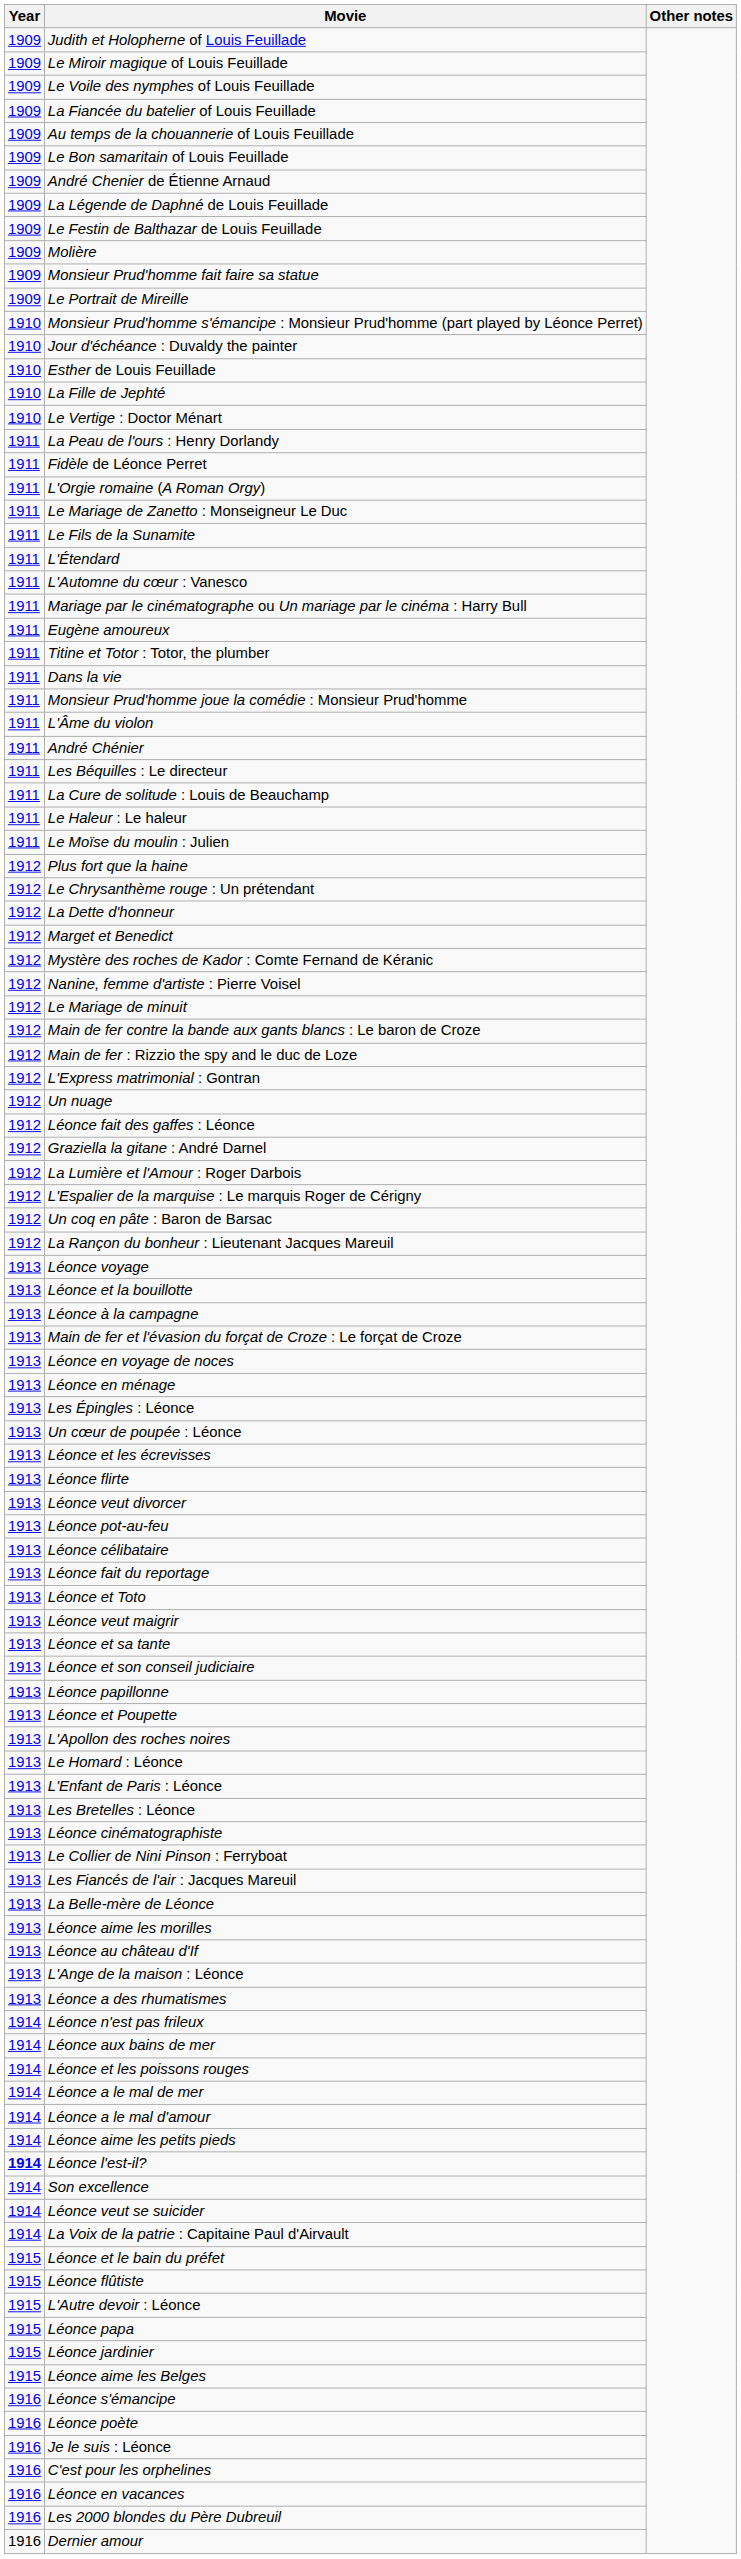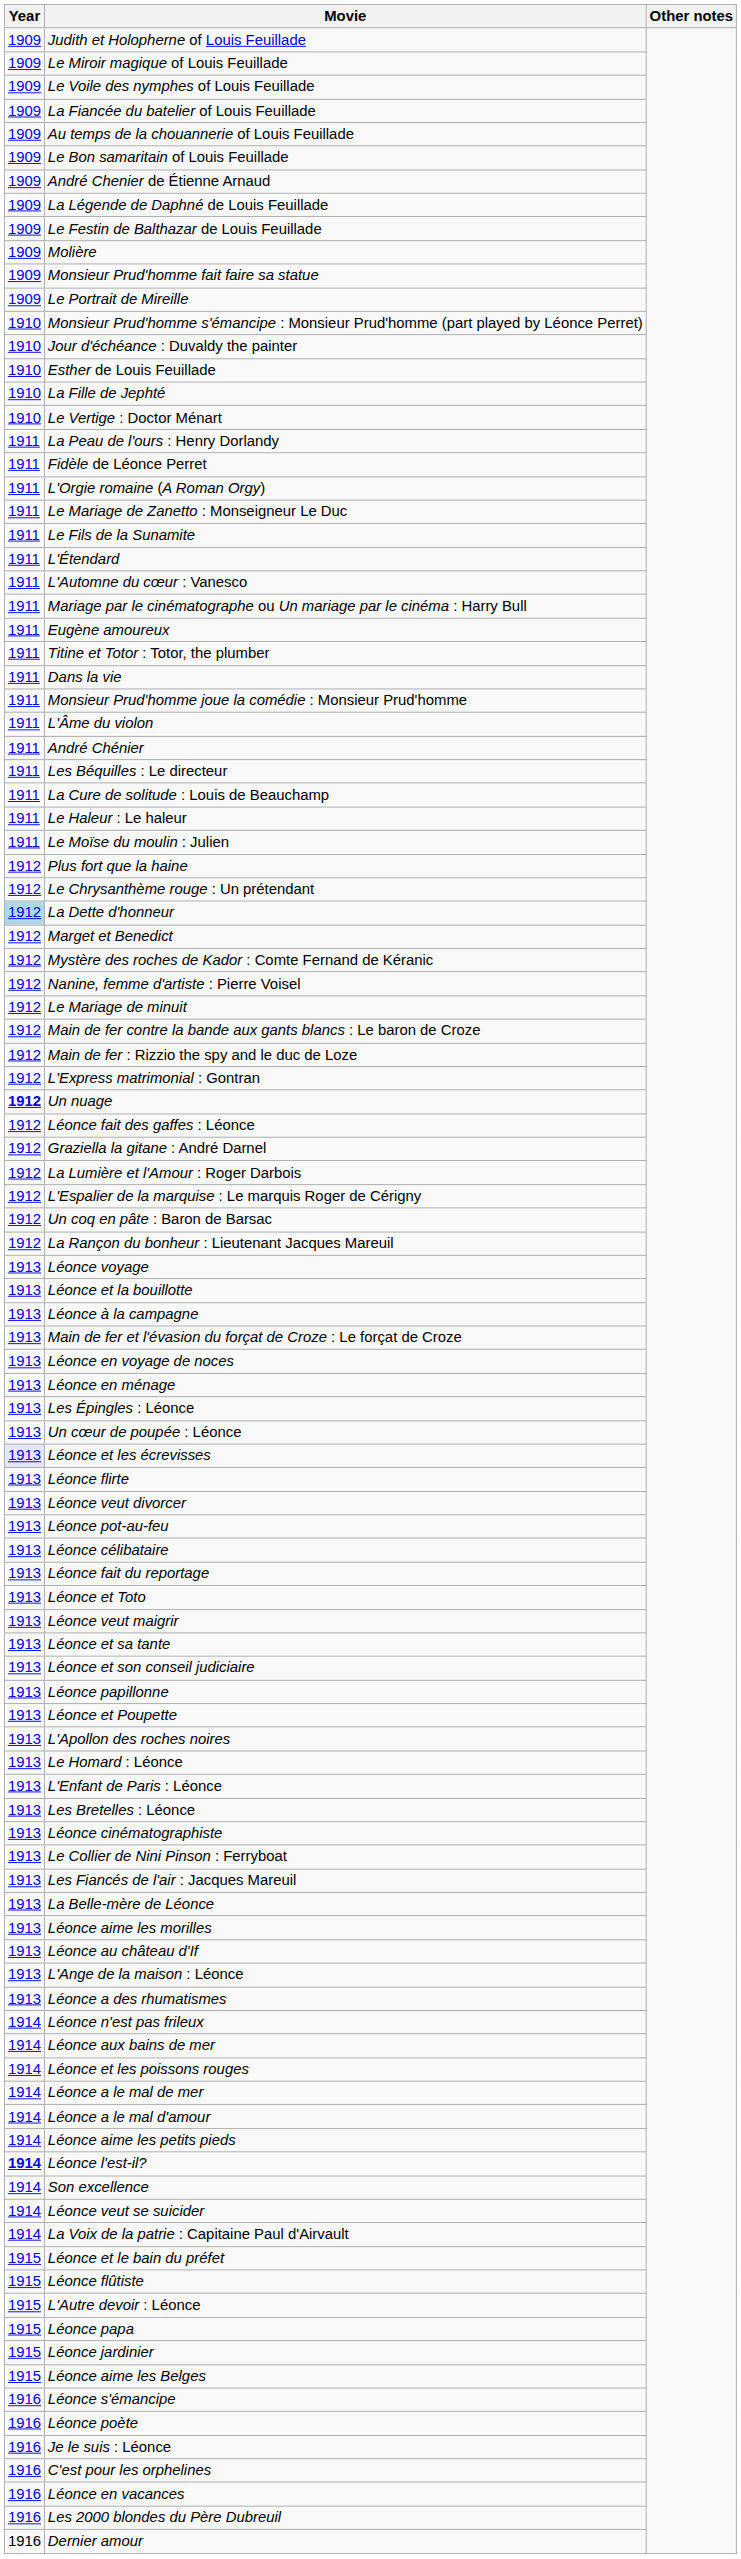 <table class="wikitable">
 <tr>
 <th>Year</th>
 <th>Movie</th>
 <th>Other notes</th>
 </tr>
 <tr>
 <td><a href='#'>1909</a></td>
 <td><em>Judith et Holopherne</em> of <a href='#'>Louis Feuillade</a></td>
 </tr>
 <tr>
 <td><a href='#'>1909</a></td>
 <td><em>Le Miroir magique</em> of Louis Feuillade</td>
 </tr>
 <tr>
 <td><a href='#'>1909</a></td>
 <td><em>Le Voile des nymphes</em> of Louis Feuillade</td>
 </tr>
 <tr>
 <td><a href='#'>1909</a></td>
 <td><em>La Fiancée du batelier</em> of Louis Feuillade</td>
 </tr>
 <tr>
 <td><a href='#'>1909</a></td>
 <td><em>Au temps de la chouannerie</em> of Louis Feuillade</td>
 </tr>
 <tr>
 <td><a href='#'>1909</a></td>
 <td><em>Le Bon samaritain</em> of Louis Feuillade</td>
 </tr>
 <tr>
 <td><a href='#'>1909</a></td>
 <td><em>André Chenier</em> de Étienne Arnaud</td>
 </tr>
 <tr>
 <td><a href='#'>1909</a></td>
 <td><em>La Légende de Daphné</em> de Louis Feuillade</td>
 </tr>
 <tr>
 <td><a href='#'>1909</a></td>
 <td><em>Le Festin de Balthazar</em> de Louis Feuillade</td>
 </tr>
 <tr>
 <td><a href='#'>1909</a></td>
 <td><em>Molière</em></td>
 </tr>
 <tr>
 <td><a href='#'>1909</a></td>
 <td><em>Monsieur Prud'homme fait faire sa statue</em></td>
 </tr>
 <tr>
 <td><a href='#'>1909</a></td>
 <td><em>Le Portrait de Mireille</em></td>
 </tr>
 <tr>
 <td><a href='#'>1910</a></td>
 <td><em>Monsieur Prud'homme s'émancipe</em> : Monsieur Prud'homme (part played by Léonce Perret)</td>
 </tr>
 <tr>
 <td><a href='#'>1910</a></td>
 <td><em>Jour d'échéance</em> : Duvaldy the painter</td>
 </tr>
 <tr>
 <td><a href='#'>1910</a></td>
 <td><em>Esther</em> de Louis Feuillade</td>
 </tr>
 <tr>
 <td><a href='#'>1910</a></td>
 <td><em>La Fille de Jephté</em></td>
 </tr>
 <tr>
 <td><a href='#'>1910</a></td>
 <td><em>Le Vertige</em> : Doctor Ménart</td>
 </tr>
 <tr>
 <td><a href='#'>1911</a></td>
 <td><em>La Peau de l'ours</em> : Henry Dorlandy</td>
 </tr>
 <tr>
 <td><a href='#'>1911</a></td>
 <td><em>Fidèle</em> de Léonce Perret</td>
 </tr>
 <tr>
 <td><a href='#'>1911</a></td>
 <td><em>L'Orgie romaine</em> (<em>A Roman Orgy</em>)</td>
 </tr>
 <tr>
 <td><a href='#'>1911</a></td>
 <td><em>Le Mariage de Zanetto</em> : Monseigneur Le Duc</td>
 </tr>
 <tr>
 <td><a href='#'>1911</a></td>
 <td><em>Le Fils de la Sunamite</em></td>
 </tr>
 <tr>
 <td><a href='#'>1911</a></td>
 <td><em>L'Étendard</em></td>
 </tr>
 <tr>
 <td><a href='#'>1911</a></td>
 <td><em>L'Automne du cœur</em> : Vanesco</td>
 </tr>
 <tr>
 <td><a href='#'>1911</a></td>
 <td><em>Mariage par le cinématographe</em> ou <em>Un mariage par le cinéma</em> : Harry Bull</td>
 </tr>
 <tr>
 <td><a href='#'>1911</a></td>
 <td><em>Eugène amoureux</em></td>
 </tr>
 <tr>
 <td><a href='#'>1911</a></td>
 <td><em>Titine et Totor</em> : Totor, the plumber</td>
 </tr>
 <tr>
 <td><a href='#'>1911</a></td>
 <td><em>Dans la vie</em></td>
 </tr>
 <tr>
 <td><a href='#'>1911</a></td>
 <td><em>Monsieur Prud'homme joue la comédie</em> : Monsieur Prud'homme</td>
 </tr>
 <tr>
 <td><a href='#'>1911</a></td>
 <td><em>L'Âme du violon</em></td>
 </tr>
 <tr>
 <td><a href='#'>1911</a></td>
 <td><em>André Chénier</em></td>
 </tr>
 <tr>
 <td><a href='#'>1911</a></td>
 <td><em>Les Béquilles</em> : Le directeur</td>
 </tr>
 <tr>
 <td><a href='#'>1911</a></td>
 <td><em>La Cure de solitude</em> : Louis de Beauchamp</td>
 </tr>
 <tr>
 <td><a href='#'>1911</a></td>
 <td><em>Le Haleur</em> : Le haleur</td>
 </tr>
 <tr>
 <td><a href='#'>1911</a></td>
 <td><em>Le Moïse du moulin</em> : Julien</td>
 </tr>
 <tr>
 <td><a href='#'>1912</a></td>
 <td><em>Plus fort que la haine</em></td>
 </tr>
 <tr>
 <td><a href='#'>1912</a></td>
 <td><em>Le Chrysanthème rouge</em> : Un prétendant</td>
 </tr>
 <tr>
-<td><a href='#'>1912</a></td>
+<td style="background: lightblue;"><a href='#'>1912</a></td>
 <td><em>La Dette d'honneur</em></td>
 </tr>
 <tr>
 <td><a href='#'>1912</a></td>
 <td><em>Marget et Benedict</em></td>
 </tr>
 <tr>
 <td><a href='#'>1912</a></td>
 <td><em>Mystère des roches de Kador</em> : Comte Fernand de Kéranic</td>
 </tr>
 <tr>
 <td><a href='#'>1912</a></td>
 <td><em>Nanine, femme d'artiste</em> : Pierre Voisel</td>
 </tr>
 <tr>
 <td><a href='#'>1912</a></td>
 <td><em>Le Mariage de minuit</em></td>
 </tr>
 <tr>
 <td><a href='#'>1912</a></td>
 <td><em>Main de fer contre la bande aux gants blancs</em> : Le baron de Croze</td>
 </tr>
 <tr>
 <td><a href='#'>1912</a></td>
 <td><em>Main de fer</em> : Rizzio the spy and le duc de Loze</td>
 </tr>
 <tr>
 <td><a href='#'>1912</a></td>
 <td><em>L'Express matrimonial</em> : Gontran</td>
 </tr>
 <tr>
-<td><a href='#'>1912</a></td>
+<td><strong><a href='#'>1912</a></strong></td>
 <td><em>Un nuage</em></td>
 </tr>
 <tr>
 <td><a href='#'>1912</a></td>
 <td><em>Léonce fait des gaffes</em> : Léonce</td>
 </tr>
 <tr>
 <td><a href='#'>1912</a></td>
 <td><em>Graziella la gitane</em> : André Darnel</td>
 </tr>
 <tr>
 <td><a href='#'>1912</a></td>
 <td><em>La Lumière et l'Amour</em> : Roger Darbois</td>
 </tr>
 <tr>
 <td><a href='#'>1912</a></td>
 <td><em>L'Espalier de la marquise</em> : Le marquis Roger de Cérigny</td>
 </tr>
 <tr>
 <td><a href='#'>1912</a></td>
 <td><em>Un coq en pâte</em> : Baron de Barsac</td>
 </tr>
 <tr>
 <td><a href='#'>1912</a></td>
 <td><em>La Rançon du bonheur</em> : Lieutenant Jacques Mareuil</td>
 </tr>
 <tr>
 <td><a href='#'>1913</a></td>
 <td><em>Léonce voyage</em></td>
 </tr>
 <tr>
 <td><a href='#'>1913</a></td>
 <td><em>Léonce et la bouillotte</em></td>
 </tr>
 <tr>
 <td><a href='#'>1913</a></td>
 <td><em>Léonce à la campagne</em></td>
 </tr>
 <tr>
 <td><a href='#'>1913</a></td>
 <td><em>Main de fer et l'évasion du forçat de Croze</em> : Le forçat de Croze</td>
 </tr>
 <tr>
 <td><a href='#'>1913</a></td>
 <td><em>Léonce en voyage de noces</em></td>
 </tr>
 <tr>
 <td><a href='#'>1913</a></td>
 <td><em>Léonce en ménage</em></td>
 </tr>
 <tr>
 <td><a href='#'>1913</a></td>
 <td><em>Les Épingles</em> : Léonce</td>
 </tr>
 <tr>
 <td><a href='#'>1913</a></td>
 <td><em>Un cœur de poupée</em> : Léonce</td>
 </tr>
 <tr>
-<td><a href='#'>1913</a></td>
+<td style="background: lavender;"><a href='#'>1913</a></td>
 <td><em>Léonce et les écrevisses</em></td>
 </tr>
 <tr>
 <td><a href='#'>1913</a></td>
 <td><em>Léonce flirte</em></td>
 </tr>
 <tr>
 <td><a href='#'>1913</a></td>
 <td><em>Léonce veut divorcer</em></td>
 </tr>
 <tr>
 <td><a href='#'>1913</a></td>
 <td><em>Léonce pot-au-feu</em></td>
 </tr>
 <tr>
 <td><a href='#'>1913</a></td>
 <td><em>Léonce célibataire</em></td>
 </tr>
 <tr>
 <td><a href='#'>1913</a></td>
 <td><em>Léonce fait du reportage</em></td>
 </tr>
 <tr>
 <td><a href='#'>1913</a></td>
 <td><em>Léonce et Toto</em></td>
 </tr>
 <tr>
 <td><a href='#'>1913</a></td>
 <td><em>Léonce veut maigrir</em></td>
 </tr>
 <tr>
 <td><a href='#'>1913</a></td>
 <td><em>Léonce et sa tante</em></td>
 </tr>
 <tr>
 <td><a href='#'>1913</a></td>
 <td><em>Léonce et son conseil judiciaire</em></td>
 </tr>
 <tr>
 <td><a href='#'>1913</a></td>
 <td><em>Léonce papillonne</em></td>
 </tr>
 <tr>
 <td><a href='#'>1913</a></td>
 <td><em>Léonce et Poupette</em></td>
 </tr>
 <tr>
 <td><a href='#'>1913</a></td>
 <td><em>L'Apollon des roches noires</em></td>
 </tr>
 <tr>
 <td><a href='#'>1913</a></td>
 <td><em>Le Homard</em> : Léonce</td>
 </tr>
 <tr>
 <td><a href='#'>1913</a></td>
 <td><em>L'Enfant de Paris</em> : Léonce</td>
 </tr>
 <tr>
 <td><a href='#'>1913</a></td>
 <td><em>Les Bretelles</em> : Léonce</td>
 </tr>
 <tr>
 <td><a href='#'>1913</a></td>
 <td><em>Léonce cinématographiste</em></td>
 </tr>
 <tr>
 <td><a href='#'>1913</a></td>
 <td><em>Le Collier de Nini Pinson</em> : Ferryboat</td>
 </tr>
 <tr>
 <td><a href='#'>1913</a></td>
 <td><em>Les Fiancés de l'air</em> : Jacques Mareuil</td>
 </tr>
 <tr>
 <td><a href='#'>1913</a></td>
 <td><em>La Belle-mère de Léonce</em></td>
 </tr>
 <tr>
 <td><a href='#'>1913</a></td>
 <td><em>Léonce aime les morilles</em></td>
 </tr>
 <tr>
 <td><a href='#'>1913</a></td>
 <td><em>Léonce au château d'If</em></td>
 </tr>
 <tr>
 <td><a href='#'>1913</a></td>
 <td><em>L'Ange de la maison</em> : Léonce</td>
 </tr>
 <tr>
 <td><a href='#'>1913</a></td>
 <td><em>Léonce a des rhumatismes</em></td>
 </tr>
 <tr>
 <td><a href='#'>1914</a></td>
 <td><em>Léonce n'est pas frileux</em></td>
 </tr>
 <tr>
 <td><a href='#'>1914</a></td>
 <td><em>Léonce aux bains de mer</em></td>
 </tr>
 <tr>
 <td><a href='#'>1914</a></td>
 <td><em>Léonce et les poissons rouges</em></td>
 </tr>
 <tr>
 <td><a href='#'>1914</a></td>
 <td><em>Léonce a le mal de mer</em></td>
 </tr>
 <tr>
 <td><a href='#'>1914</a></td>
 <td><em>Léonce a le mal d'amour</em></td>
 </tr>
 <tr>
 <td><a href='#'>1914</a></td>
 <td><em>Léonce aime les petits pieds</em></td>
 </tr>
 <tr>
 <td><strong><a href='#'>1914</a></strong></td>
 <td><em>Léonce l'est-il?</em></td>
 </tr>
 <tr>
 <td><a href='#'>1914</a></td>
 <td><em>Son excellence</em></td>
 </tr>
 <tr>
 <td><a href='#'>1914</a></td>
 <td><em>Léonce veut se suicider</em></td>
 </tr>
 <tr>
 <td><a href='#'>1914</a></td>
 <td><em>La Voix de la patrie</em> : Capitaine Paul d'Airvault</td>
 </tr>
 <tr>
 <td><a href='#'>1915</a></td>
 <td><em>Léonce et le bain du préfet</em></td>
 </tr>
 <tr>
 <td><a href='#'>1915</a></td>
 <td><em>Léonce flûtiste</em></td>
 </tr>
 <tr>
 <td><a href='#'>1915</a></td>
 <td><em>L'Autre devoir</em> : Léonce</td>
 </tr>
 <tr>
 <td><a href='#'>1915</a></td>
 <td><em>Léonce papa</em></td>
 </tr>
 <tr>
 <td><a href='#'>1915</a></td>
 <td><em>Léonce jardinier</em></td>
 </tr>
 <tr>
 <td><a href='#'>1915</a></td>
 <td><em>Léonce aime les Belges</em></td>
 </tr>
 <tr>
 <td><a href='#'>1916</a></td>
 <td><em>Léonce s'émancipe</em></td>
 </tr>
 <tr>
 <td><a href='#'>1916</a></td>
 <td><em>Léonce poète</em></td>
 </tr>
 <tr>
 <td><a href='#'>1916</a></td>
 <td><em>Je le suis</em> : Léonce</td>
 </tr>
 <tr>
 <td><a href='#'>1916</a></td>
 <td><em>C'est pour les orphelines</em></td>
 </tr>
 <tr>
 <td><a href='#'>1916</a></td>
 <td><em>Léonce en vacances</em></td>
 </tr>
 <tr>
 <td><a href='#'>1916</a></td>
 <td><em>Les 2000 blondes du Père Dubreuil</em></td>
 </tr>
 <tr>
 <td>1916</td>
 <td><em>Dernier amour</em></td>
 </tr>
 </table>
